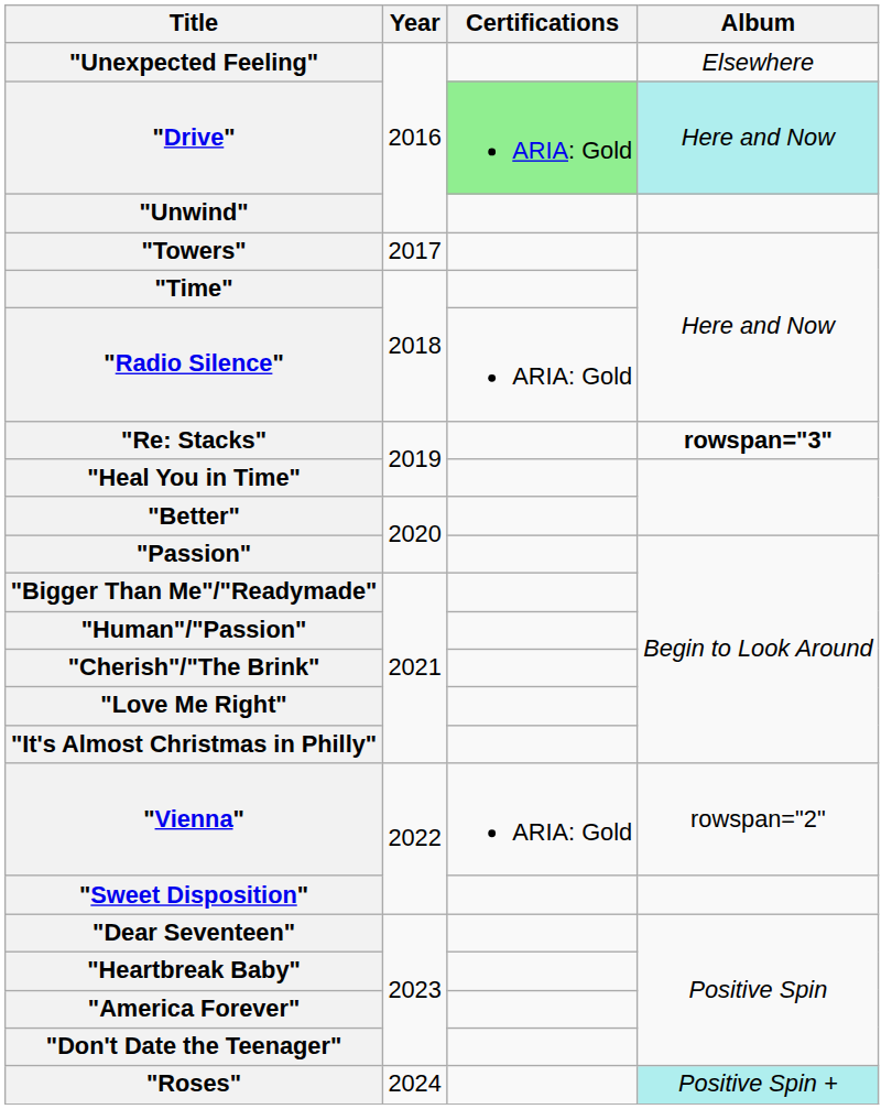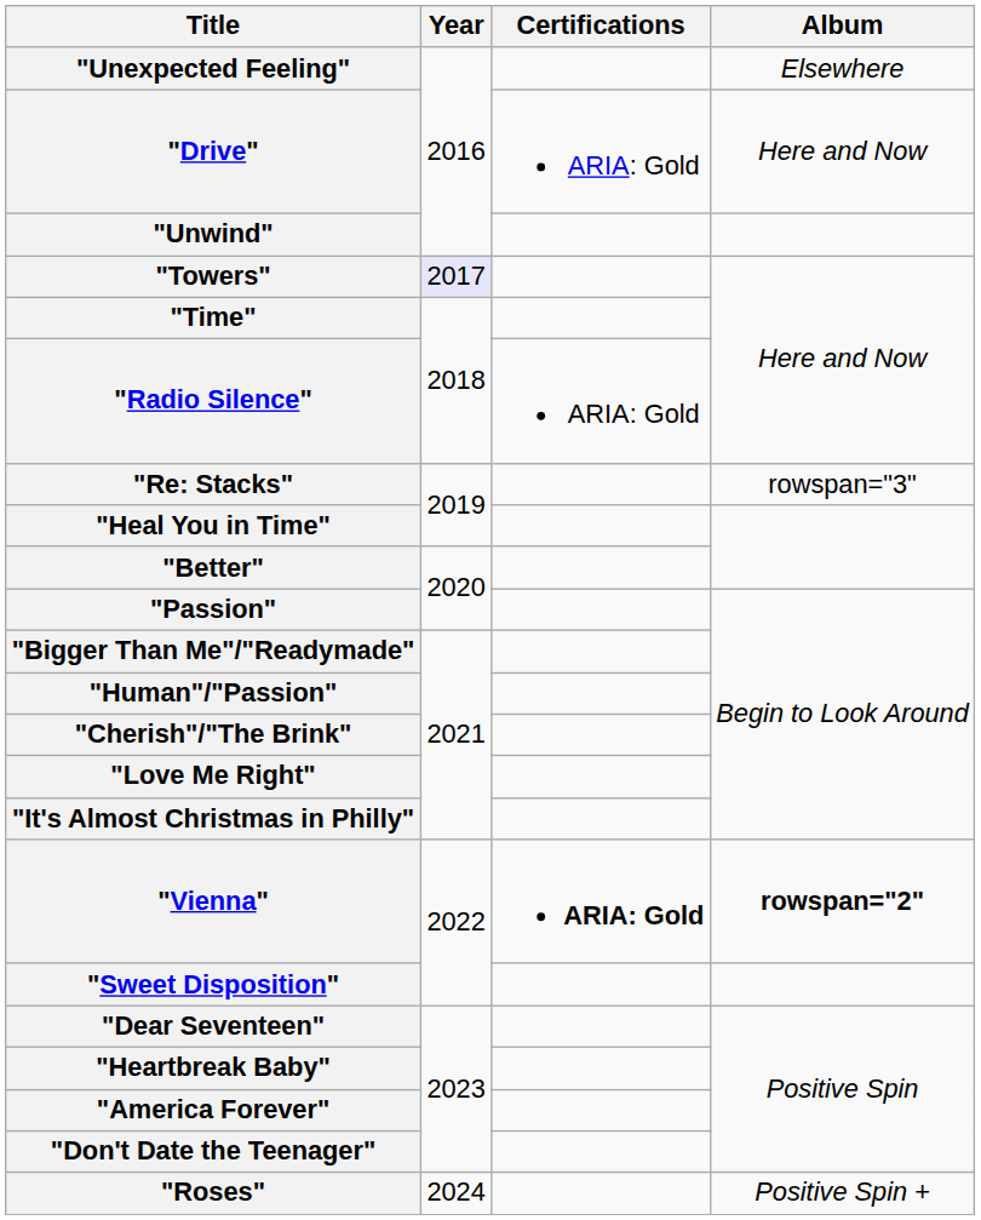 <table class="wikitable plainrowheaders" style="text-align:center">
 <tr>
 <th scope="col">Title</th>
 <th scope="col">Year</th>
 <th scope="col">Certifications</th>
 <th scope="col">Album</th>
 </tr>
 <tr>
 <th scope="row">"Unexpected Feeling"</th>
 <td rowspan="3">2016</td>
 <td></td>
 <td><em>Elsewhere</em></td>
 </tr>
 <tr>
 <th scope="row">"<a href='#'>Drive</a>"</th>
-<td style="background: lightgreen;"><br><ul><li><a href='#'>ARIA</a>: Gold</li></ul></td>
-<td style="background: paleturquoise;"><em>Here and Now</em></td>
+<td><br><ul><li><a href='#'>ARIA</a>: Gold</li></ul></td>
+<td><em>Here and Now</em></td>
 </tr>
 <tr>
 <th scope="row">"Unwind"</th>
 <td></td>
 <td></td>
 </tr>
 <tr>
 <th scope="row">"Towers"</th>
-<td>2017</td>
+<td style="background: lavender;">2017</td>
 <td></td>
 <td rowspan="3"><em>Here and Now</em></td>
 </tr>
 <tr>
 <th scope="row">"Time"</th>
 <td rowspan="2">2018</td>
 <td></td>
 </tr>
 <tr>
 <th scope="row">"<a href='#'>Radio Silence</a>"</th>
 <td><br><ul><li>ARIA: Gold</li></ul></td>
 </tr>
 <tr>
 <th scope="row">"Re: Stacks"<br></th>
 <td rowspan="2">2019</td>
 <td></td>
-<td><strong>rowspan="3" </strong></td>
+<td>rowspan="3" </td>
 </tr>
 <tr>
 <th scope="row">"Heal You in Time"</th>
 <td></td>
 </tr>
 <tr>
 <th scope="row">"Better"<br></th>
 <td rowspan="2">2020</td>
 <td></td>
 </tr>
 <tr>
 <th scope="row">"Passion"</th>
 <td></td>
 <td rowspan="6"><em>Begin to Look Around</em></td>
 </tr>
 <tr>
 <th scope="row">"Bigger Than Me"/"Readymade"</th>
 <td rowspan="5">2021</td>
 <td></td>
 </tr>
 <tr>
 <th scope="row">"Human"/"Passion"</th>
 <td></td>
 </tr>
 <tr>
 <th scope="row">"Cherish"/"The Brink"</th>
 <td></td>
 </tr>
 <tr>
 <th scope="row">"Love Me Right"</th>
 <td></td>
 </tr>
 <tr>
 <th scope="row">"It's Almost Christmas in Philly"</th>
 <td></td>
 </tr>
 <tr>
 <th scope="row">"<a href='#'>Vienna</a>"</th>
 <td rowspan="2">2022</td>
-<td><br><ul><li>ARIA: Gold</li></ul></td>
-<td>rowspan="2" </td>
+<td><strong><br><ul><li>ARIA: Gold</li></ul></strong></td>
+<td><strong>rowspan="2" </strong></td>
 </tr>
 <tr>
 <th scope="row">"<a href='#'>Sweet Disposition</a>"<br></th>
 <td></td>
 </tr>
 <tr>
 <th scope="row">"Dear Seventeen"</th>
 <td rowspan="4">2023</td>
 <td></td>
 <td rowspan="4"><em>Positive Spin</em></td>
 </tr>
 <tr>
 <th scope="row">"Heartbreak Baby"</th>
 <td></td>
 </tr>
 <tr>
 <th scope="row">"America Forever"<br></th>
 <td></td>
 </tr>
 <tr>
 <th scope="row">"Don't Date the Teenager"</th>
 <td></td>
 </tr>
 <tr>
 <th scope="row">"Roses"</th>
 <td rowspan="1">2024</td>
 <td></td>
-<td rowspan="1" style="background: paleturquoise;"><em>Positive Spin +</em></td>
+<td rowspan="1"><em>Positive Spin +</em></td>
 </tr>
 <tr>
 </tr>
 </table>
